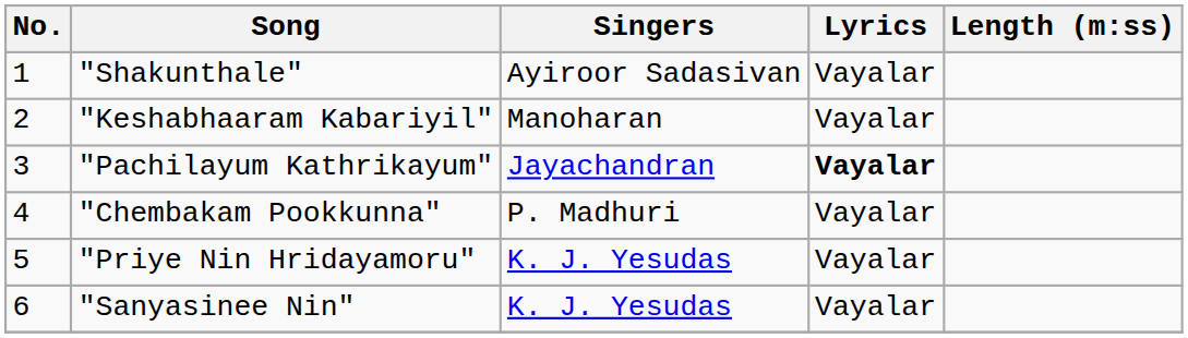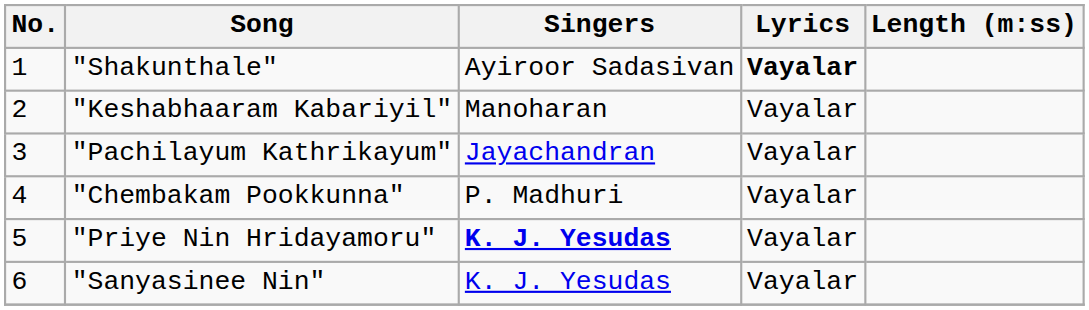 <table class="wikitable" style="font-size:95%;">
 <tr>
 <th>No.</th>
 <th>Song</th>
 <th>Singers</th>
 <th>Lyrics</th>
 <th>Length (m:ss)</th>
 </tr>
 <tr>
 <td>1</td>
 <td>"Shakunthale"</td>
 <td>Ayiroor Sadasivan</td>
-<td>Vayalar</td>
+<td><strong>Vayalar</strong></td>
 <td></td>
 </tr>
 <tr>
 <td>2</td>
 <td>"Keshabhaaram Kabariyil"</td>
 <td>Manoharan</td>
 <td>Vayalar</td>
 <td></td>
 </tr>
 <tr>
 <td>3</td>
 <td>"Pachilayum Kathrikayum"</td>
 <td><a href='#'>Jayachandran</a></td>
-<td><strong>Vayalar</strong></td>
+<td>Vayalar</td>
 <td></td>
 </tr>
 <tr>
 <td>4</td>
 <td>"Chembakam Pookkunna"</td>
 <td>P. Madhuri</td>
 <td>Vayalar</td>
 <td></td>
 </tr>
 <tr>
 <td>5</td>
 <td>"Priye Nin Hridayamoru"</td>
-<td><a href='#'>K. J. Yesudas</a></td>
+<td><strong><a href='#'>K. J. Yesudas</a></strong></td>
 <td>Vayalar</td>
 <td></td>
 </tr>
 <tr>
 <td>6</td>
 <td>"Sanyasinee Nin"</td>
 <td><a href='#'>K. J. Yesudas</a></td>
 <td>Vayalar</td>
 <td></td>
 </tr>
 <tr>
 </tr>
 </table>
